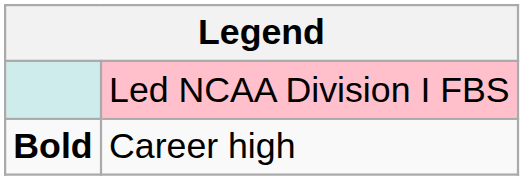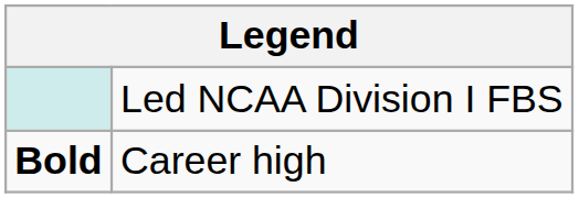 <table class="wikitable">
 <tr>
 <th colspan="2">Legend</th>
 </tr>
 <tr>
 <td style="background:#cfecec;"></td>
-<td style="background: pink;">Led NCAA Division I FBS</td>
+<td>Led NCAA Division I FBS</td>
 </tr>
 <tr>
 <td><strong>Bold</strong></td>
 <td>Career high</td>
 </tr>
 </table>
